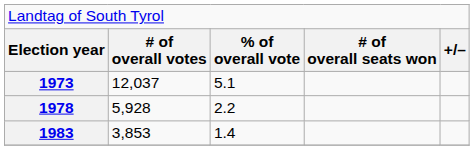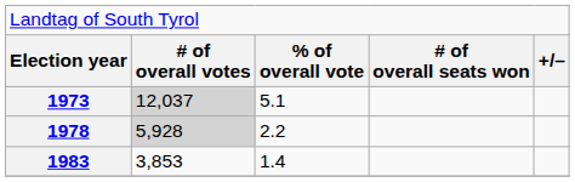 <table class=wikitable>
 <tr>
 <td colspan=7><a href='#'>Landtag of South Tyrol</a></td>
 </tr>
 <tr>
 <th>Election year</th>
 <th># of<br>overall votes</th>
 <th>% of<br>overall vote</th>
 <th># of<br>overall seats won</th>
 <th>+/–</th>
 </tr>
 <tr>
 <th><a href='#'>1973</a></th>
-<td>12,037</td>
+<td style="background: lightgrey;">12,037</td>
 <td>5.1</td>
 <td></td>
 <td></td>
 </tr>
 <tr>
 <th><a href='#'>1978</a></th>
-<td>5,928</td>
+<td style="background: lightgrey;">5,928</td>
 <td>2.2</td>
 <td></td>
 <td></td>
 </tr>
 <tr>
 <th><a href='#'>1983</a></th>
 <td>3,853</td>
 <td>1.4</td>
 <td></td>
 <td></td>
 </tr>
 <tr>
 </tr>
 </table>
